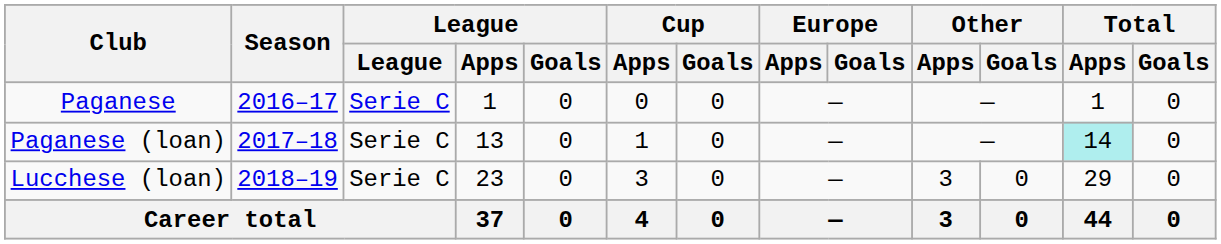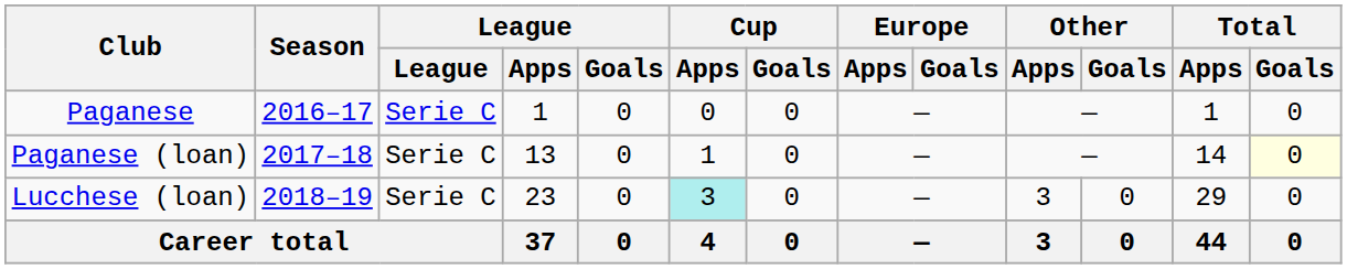 <table class="wikitable" style="text-align: center;">
 <tr>
 <th rowspan="2">Club</th>
 <th rowspan="2">Season</th>
 <th colspan="3">League</th>
 <th colspan="2">Cup</th>
 <th colspan="2">Europe</th>
 <th colspan="2">Other</th>
 <th colspan="2">Total</th>
 </tr>
 <tr>
 <th>League</th>
 <th>Apps</th>
 <th>Goals</th>
 <th>Apps</th>
 <th>Goals</th>
 <th>Apps</th>
 <th>Goals</th>
 <th>Apps</th>
 <th>Goals</th>
 <th>Apps</th>
 <th>Goals</th>
 </tr>
 <tr>
 <td><a href='#'>Paganese</a></td>
 <td><a href='#'>2016–17</a></td>
 <td><a href='#'>Serie C</a></td>
 <td>1</td>
 <td>0</td>
 <td>0</td>
 <td>0</td>
 <td colspan="2">—</td>
 <td colspan="2">—</td>
 <td>1</td>
 <td>0</td>
 </tr>
 <tr>
 <td><a href='#'>Paganese</a> (loan)</td>
 <td><a href='#'>2017–18</a></td>
 <td>Serie C</td>
 <td>13</td>
 <td>0</td>
 <td>1</td>
 <td>0</td>
 <td colspan="2">—</td>
 <td colspan="2">—</td>
-<td style="background: paleturquoise;">14</td>
-<td>0</td>
+<td>14</td>
+<td style="background: lightyellow;">0</td>
 </tr>
 <tr>
 <td><a href='#'>Lucchese</a> (loan)</td>
 <td><a href='#'>2018–19</a></td>
 <td>Serie C</td>
 <td>23</td>
 <td>0</td>
-<td>3</td>
+<td style="background: paleturquoise;">3</td>
 <td>0</td>
 <td colspan="2">—</td>
 <td>3</td>
 <td>0</td>
 <td>29</td>
 <td>0</td>
 </tr>
 <tr>
 <th colspan="3">Career total</th>
 <th>37</th>
 <th>0</th>
 <th>4</th>
 <th>0</th>
 <th colspan="2">—</th>
 <th>3</th>
 <th>0</th>
 <th>44</th>
 <th>0</th>
 </tr>
 </table>
